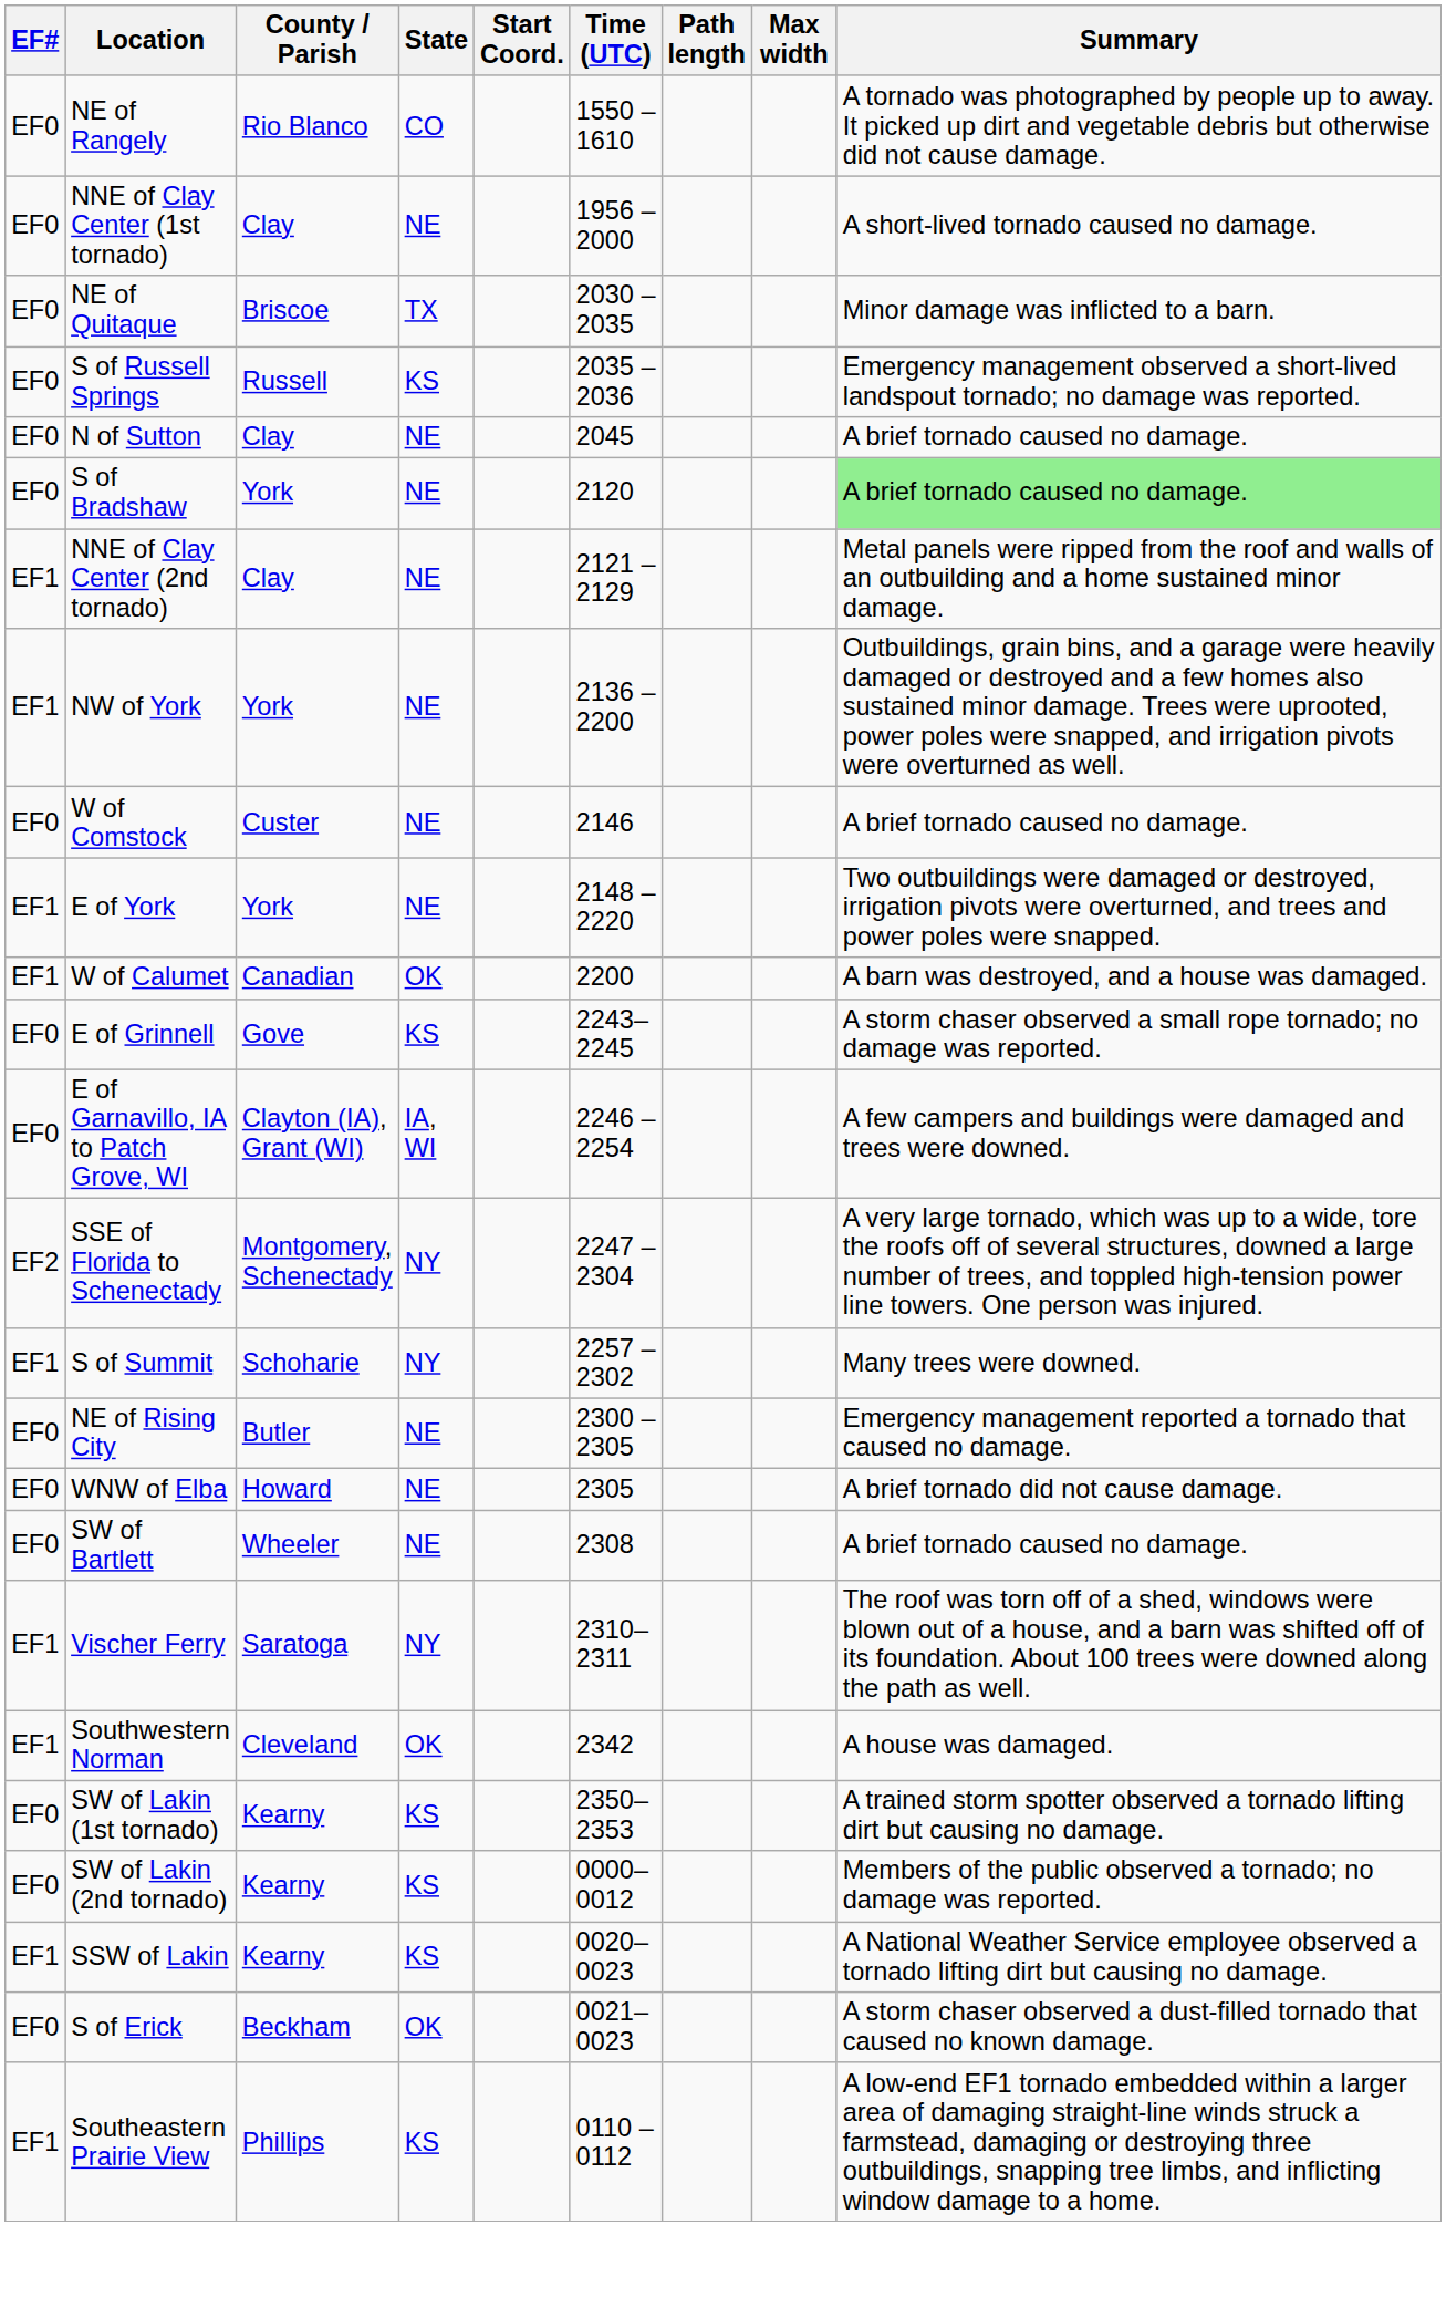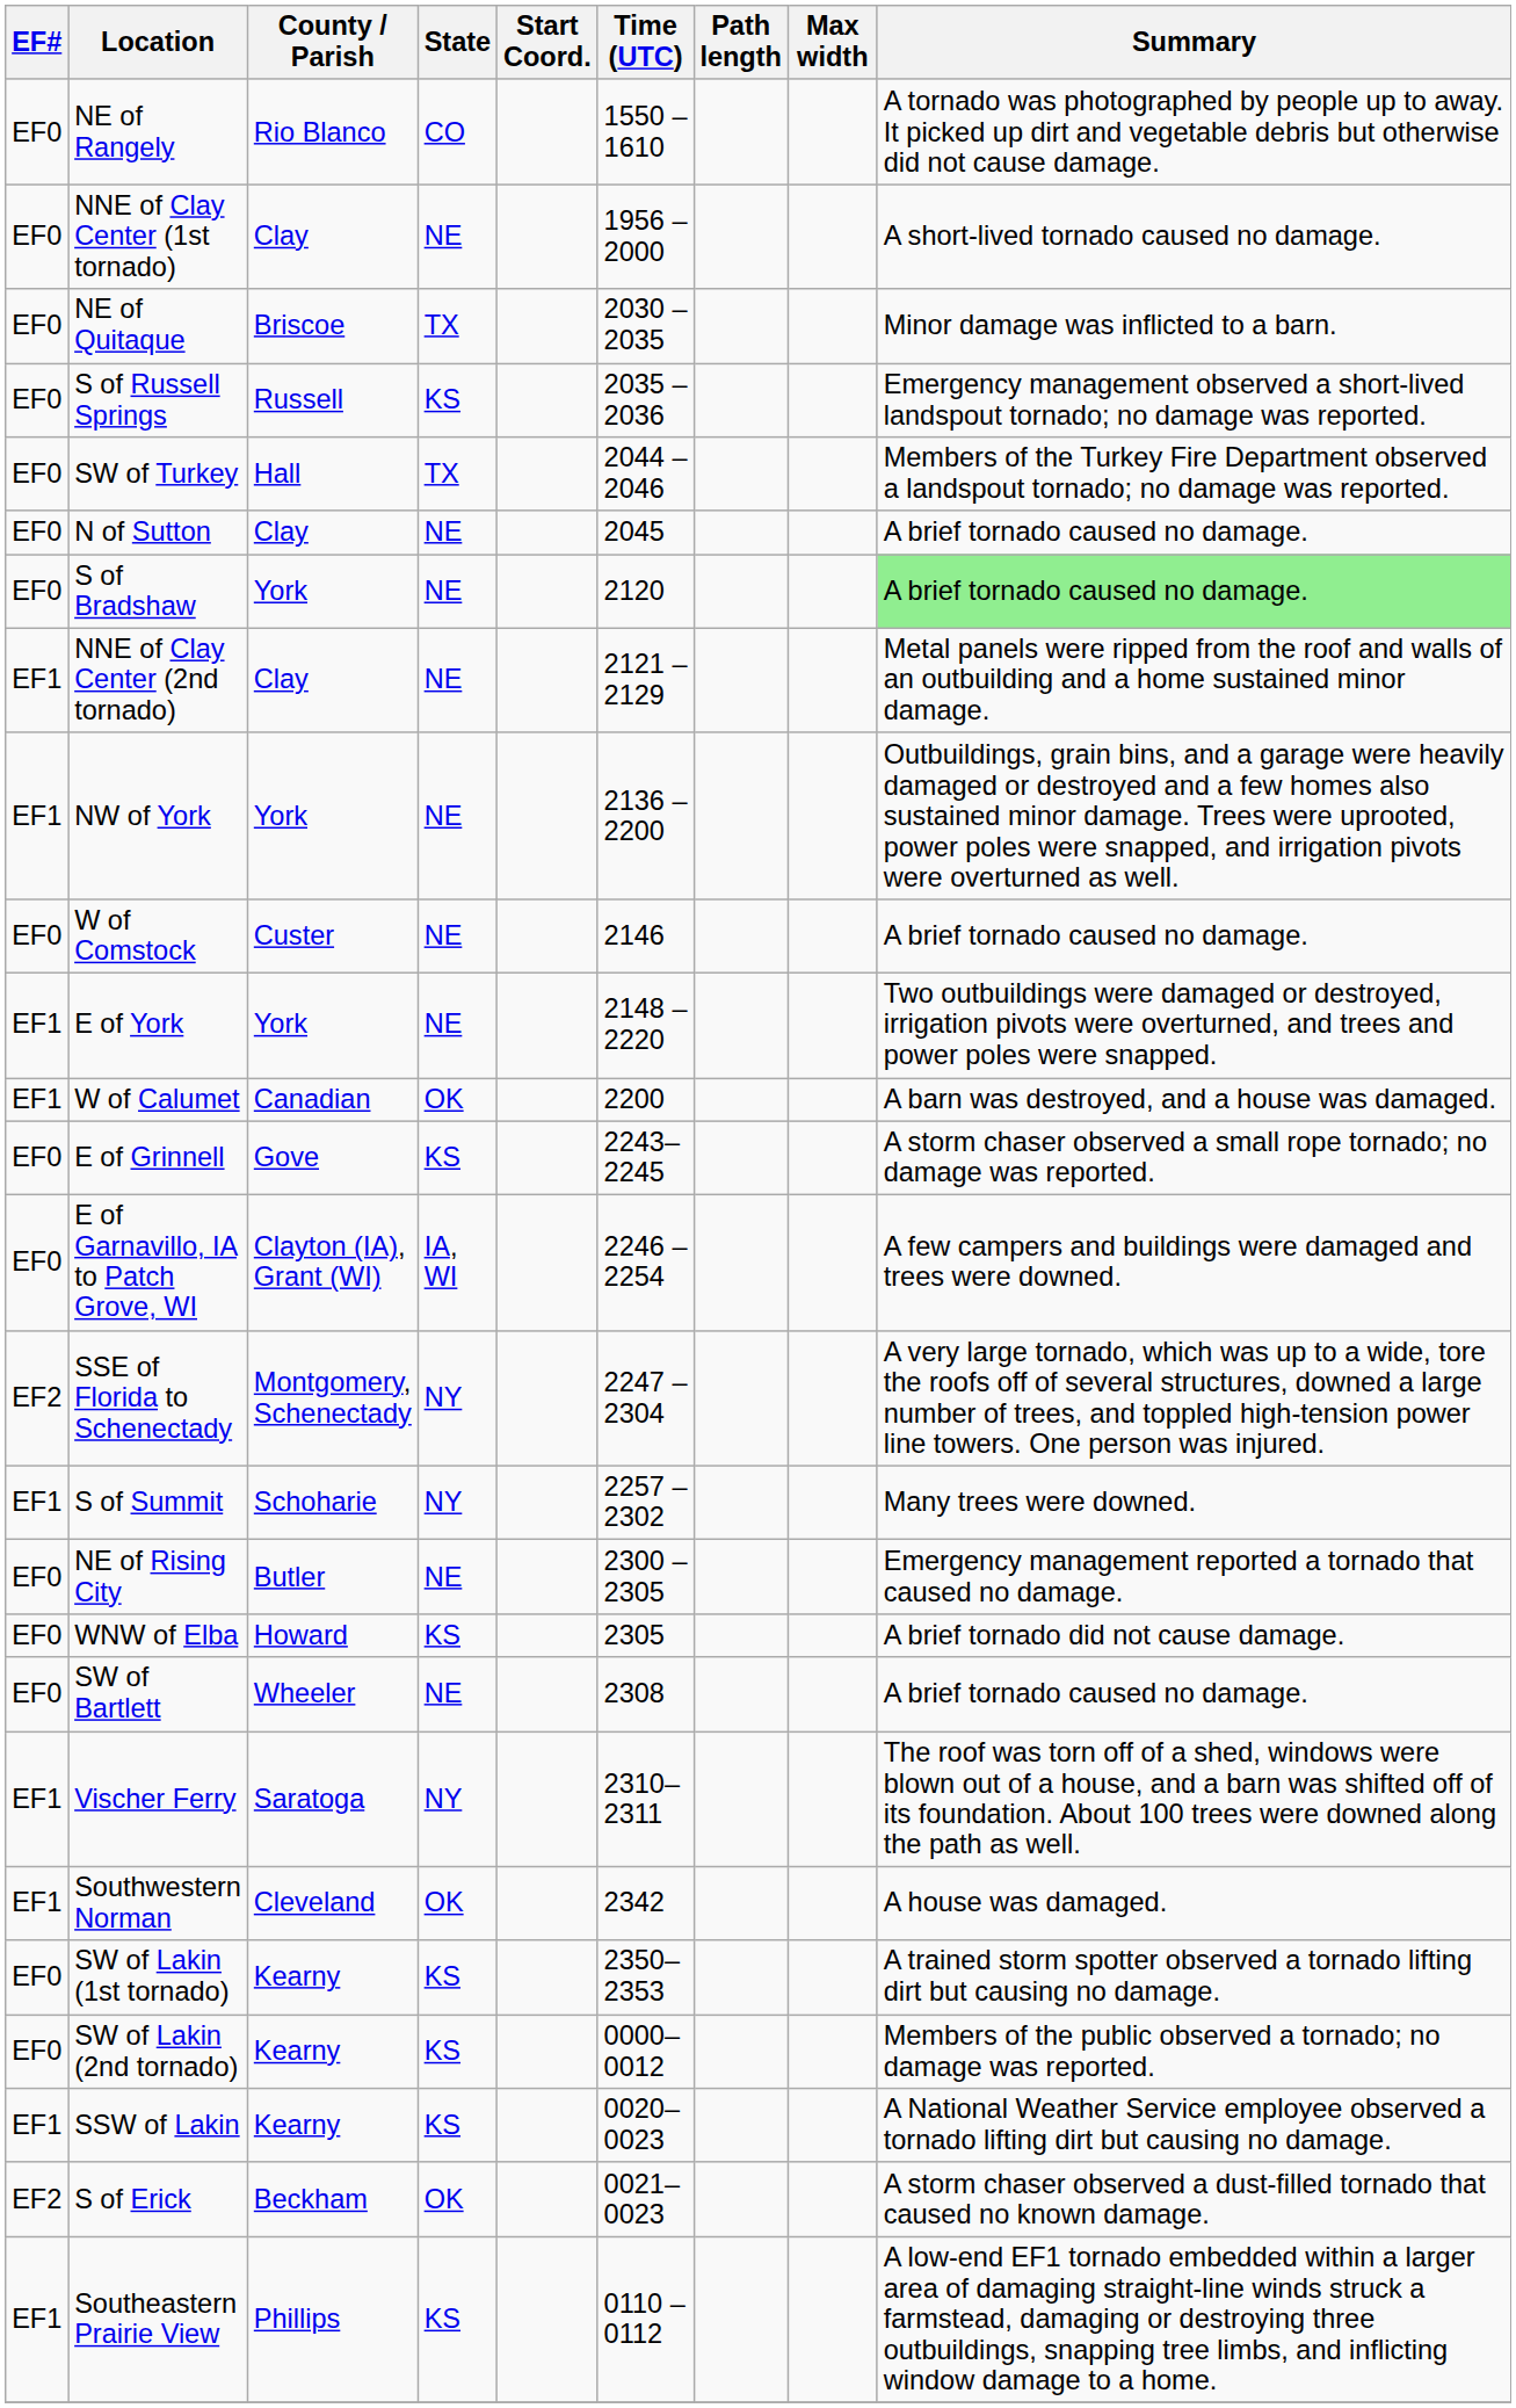 <table class="wikitable sortable" style="width:100%;">
 <tr>
 <th scope="col" width="3%" align="center"><a href='#'>EF#</a></th>
 <th scope="col" width="7%" align="center" class="unsortable">Location</th>
 <th scope="col" width="6%" align="center" class="unsortable">County / Parish</th>
 <th scope="col" width="5%" align="center">State</th>
 <th scope="col" width="6%" align="center">Start Coord.</th>
 <th scope="col" width="6%" align="center">Time (<a href='#'>UTC</a>)</th>
 <th scope="col" width="6%" align="center">Path length</th>
 <th scope="col" width="6%" align="center">Max width</th>
 <th scope="col" width="48%" class="unsortable" align="center">Summary</th>
 </tr>
 <tr>
 <td>EF0</td>
 <td>NE of <a href='#'>Rangely</a></td>
 <td><a href='#'>Rio Blanco</a></td>
 <td><a href='#'>CO</a></td>
 <td></td>
 <td>1550 – 1610</td>
 <td></td>
 <td></td>
 <td>A tornado was photographed by people up to  away. It picked up dirt and vegetable debris but otherwise did not cause damage.</td>
 </tr>
 <tr>
 <td>EF0</td>
 <td>NNE of <a href='#'>Clay Center</a> (1st tornado)</td>
 <td><a href='#'>Clay</a></td>
 <td><a href='#'>NE</a></td>
 <td></td>
 <td>1956 – 2000</td>
 <td></td>
 <td></td>
 <td>A short-lived tornado caused no damage.</td>
 </tr>
 <tr>
 <td>EF0</td>
 <td>NE of <a href='#'>Quitaque</a></td>
 <td><a href='#'>Briscoe</a></td>
 <td><a href='#'>TX</a></td>
 <td></td>
 <td>2030 – 2035</td>
 <td></td>
 <td></td>
 <td>Minor damage was inflicted to a barn.</td>
 </tr>
 <tr>
 <td>EF0</td>
 <td>S of <a href='#'>Russell Springs</a></td>
 <td><a href='#'>Russell</a></td>
 <td><a href='#'>KS</a></td>
 <td></td>
 <td>2035 – 2036</td>
 <td></td>
 <td></td>
 <td>Emergency management observed a short-lived landspout tornado; no damage was reported.</td>
+</tr>
+<tr>
+<td>EF0</td>
+<td>SW of <a href='#'>Turkey</a></td>
+<td><a href='#'>Hall</a></td>
+<td><a href='#'>TX</a></td>
+<td></td>
+<td>2044 – 2046</td>
+<td></td>
+<td></td>
+<td>Members of the Turkey Fire Department observed a landspout tornado; no damage was reported.</td>
 </tr>
 <tr>
 <td>EF0</td>
 <td>N of <a href='#'>Sutton</a></td>
 <td><a href='#'>Clay</a></td>
 <td><a href='#'>NE</a></td>
 <td></td>
 <td>2045</td>
 <td></td>
 <td></td>
 <td>A brief tornado caused no damage.</td>
 </tr>
 <tr>
 <td>EF0</td>
 <td>S of <a href='#'>Bradshaw</a></td>
 <td><a href='#'>York</a></td>
 <td><a href='#'>NE</a></td>
 <td></td>
 <td>2120</td>
 <td></td>
 <td></td>
 <td style="background: lightgreen;">A brief tornado caused no damage.</td>
 </tr>
 <tr>
 <td>EF1</td>
 <td>NNE of <a href='#'>Clay Center</a> (2nd tornado)</td>
 <td><a href='#'>Clay</a></td>
 <td><a href='#'>NE</a></td>
 <td></td>
 <td>2121 – 2129</td>
 <td></td>
 <td></td>
 <td>Metal panels were ripped from the roof and walls of an outbuilding and a home sustained minor damage.</td>
 </tr>
 <tr>
 <td>EF1</td>
 <td>NW of <a href='#'>York</a></td>
 <td><a href='#'>York</a></td>
 <td><a href='#'>NE</a></td>
 <td></td>
 <td>2136 – 2200</td>
 <td></td>
 <td></td>
 <td>Outbuildings, grain bins, and a garage were heavily damaged or destroyed and a few homes also sustained minor damage. Trees were uprooted, power poles were snapped, and irrigation pivots were overturned as well.</td>
 </tr>
 <tr>
 <td>EF0</td>
 <td>W of <a href='#'>Comstock</a></td>
 <td><a href='#'>Custer</a></td>
 <td><a href='#'>NE</a></td>
 <td></td>
 <td>2146</td>
 <td></td>
 <td></td>
 <td>A brief tornado caused no damage.</td>
 </tr>
 <tr>
 <td>EF1</td>
 <td>E of <a href='#'>York</a></td>
 <td><a href='#'>York</a></td>
 <td><a href='#'>NE</a></td>
 <td></td>
 <td>2148 – 2220</td>
 <td></td>
 <td></td>
 <td>Two outbuildings were damaged or destroyed, irrigation pivots were overturned, and trees and power poles were snapped.</td>
 </tr>
 <tr>
 <td>EF1</td>
 <td>W of <a href='#'>Calumet</a></td>
 <td><a href='#'>Canadian</a></td>
 <td><a href='#'>OK</a></td>
 <td></td>
 <td>2200</td>
 <td></td>
 <td></td>
 <td>A barn was destroyed, and a house was damaged.</td>
 </tr>
 <tr>
 <td>EF0</td>
 <td>E of <a href='#'>Grinnell</a></td>
 <td><a href='#'>Gove</a></td>
 <td><a href='#'>KS</a></td>
 <td></td>
 <td>2243–2245</td>
 <td></td>
 <td></td>
 <td>A storm chaser observed a small rope tornado; no damage was reported.</td>
 </tr>
 <tr>
 <td>EF0</td>
 <td>E of <a href='#'>Garnavillo, IA</a> to <a href='#'>Patch Grove, WI</a></td>
 <td><a href='#'>Clayton (IA)</a>, <a href='#'>Grant (WI)</a></td>
 <td><a href='#'>IA</a>, <a href='#'>WI</a></td>
 <td></td>
 <td>2246 – 2254</td>
 <td></td>
 <td></td>
 <td>A few campers and buildings were damaged and trees were downed.</td>
 </tr>
 <tr>
 <td>EF2</td>
 <td>SSE of <a href='#'>Florida</a> to <a href='#'>Schenectady</a></td>
 <td><a href='#'>Montgomery</a>, <a href='#'>Schenectady</a></td>
 <td><a href='#'>NY</a></td>
 <td></td>
 <td>2247 – 2304</td>
 <td></td>
 <td></td>
 <td>A very large tornado, which was up to a  wide, tore the roofs off of several structures, downed a large number of trees, and toppled high-tension power line towers. One person was injured.</td>
 </tr>
 <tr>
 <td>EF1</td>
 <td>S of <a href='#'>Summit</a></td>
 <td><a href='#'>Schoharie</a></td>
 <td><a href='#'>NY</a></td>
 <td></td>
 <td>2257 – 2302</td>
 <td></td>
 <td></td>
 <td>Many trees were downed.</td>
 </tr>
 <tr>
 <td>EF0</td>
 <td>NE of <a href='#'>Rising City</a></td>
 <td><a href='#'>Butler</a></td>
 <td><a href='#'>NE</a></td>
 <td></td>
 <td>2300 – 2305</td>
 <td></td>
 <td></td>
 <td>Emergency management reported a tornado that caused no damage.</td>
 </tr>
 <tr>
 <td>EF0</td>
 <td>WNW of <a href='#'>Elba</a></td>
 <td><a href='#'>Howard</a></td>
-<td><a href='#'>NE</a></td>
+<td><a href='#'>KS</a></td>
 <td></td>
 <td>2305</td>
 <td></td>
 <td></td>
 <td>A brief tornado did not cause damage.</td>
 </tr>
 <tr>
 <td>EF0</td>
 <td>SW of <a href='#'>Bartlett</a></td>
 <td><a href='#'>Wheeler</a></td>
 <td><a href='#'>NE</a></td>
 <td></td>
 <td>2308</td>
 <td></td>
 <td></td>
 <td>A brief tornado caused no damage.</td>
 </tr>
 <tr>
 <td>EF1</td>
 <td><a href='#'>Vischer Ferry</a></td>
 <td><a href='#'>Saratoga</a></td>
 <td><a href='#'>NY</a></td>
 <td></td>
 <td>2310–2311</td>
 <td></td>
 <td></td>
 <td>The roof was torn off of a shed, windows were blown out of a house, and a barn was shifted off of its foundation. About 100 trees were downed along the path as well.</td>
 </tr>
 <tr>
 <td>EF1</td>
 <td>Southwestern <a href='#'>Norman</a></td>
 <td><a href='#'>Cleveland</a></td>
 <td><a href='#'>OK</a></td>
 <td></td>
 <td>2342</td>
 <td></td>
 <td></td>
 <td>A house was damaged.</td>
 </tr>
 <tr>
 <td>EF0</td>
 <td>SW of <a href='#'>Lakin</a> (1st tornado)</td>
 <td><a href='#'>Kearny</a></td>
 <td><a href='#'>KS</a></td>
 <td></td>
 <td>2350–2353</td>
 <td></td>
 <td></td>
 <td>A trained storm spotter observed a tornado lifting dirt but causing no damage.</td>
 </tr>
 <tr>
 <td>EF0</td>
 <td>SW of <a href='#'>Lakin</a> (2nd tornado)</td>
 <td><a href='#'>Kearny</a></td>
 <td><a href='#'>KS</a></td>
 <td></td>
 <td>0000–0012</td>
 <td></td>
 <td></td>
 <td>Members of the public observed a tornado; no damage was reported.</td>
 </tr>
 <tr>
 <td>EF1</td>
 <td>SSW of <a href='#'>Lakin</a></td>
 <td><a href='#'>Kearny</a></td>
 <td><a href='#'>KS</a></td>
 <td></td>
 <td>0020–0023</td>
 <td></td>
 <td></td>
 <td>A National Weather Service employee observed a tornado lifting dirt but causing no damage.</td>
 </tr>
 <tr>
-<td>EF0</td>
+<td>EF2</td>
 <td>S of <a href='#'>Erick</a></td>
 <td><a href='#'>Beckham</a></td>
 <td><a href='#'>OK</a></td>
 <td></td>
 <td>0021–0023</td>
 <td></td>
 <td></td>
 <td>A storm chaser observed a dust-filled tornado that caused no known damage.</td>
 </tr>
 <tr>
 <td>EF1</td>
 <td>Southeastern <a href='#'>Prairie View</a></td>
 <td><a href='#'>Phillips</a></td>
 <td><a href='#'>KS</a></td>
 <td></td>
 <td>0110 – 0112</td>
 <td></td>
 <td></td>
 <td>A low-end EF1 tornado embedded within a larger area of damaging straight-line winds struck a farmstead, damaging or destroying three outbuildings, snapping tree limbs, and inflicting window damage to a home.</td>
 </tr>
 <tr>
 </tr>
 </table>
